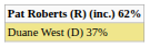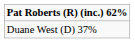 <table class="wikitable">
 <tr>
 <td><strong>Pat Roberts (R) (inc.) 62%</strong></td>
 </tr>
 <tr>
-<td style="background: khaki;">Duane West (D) 37%</td>
+<td>Duane West (D) 37%</td>
 </tr>
 </table>
